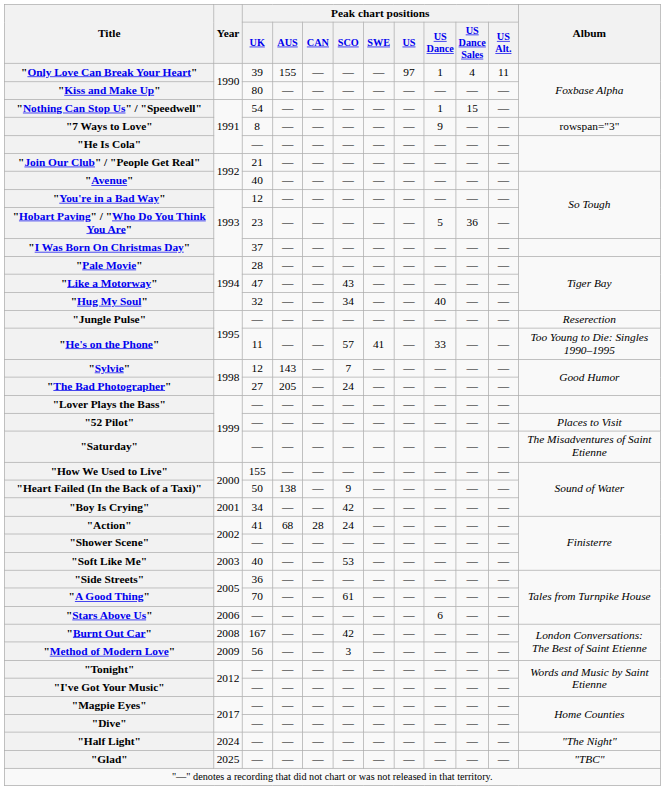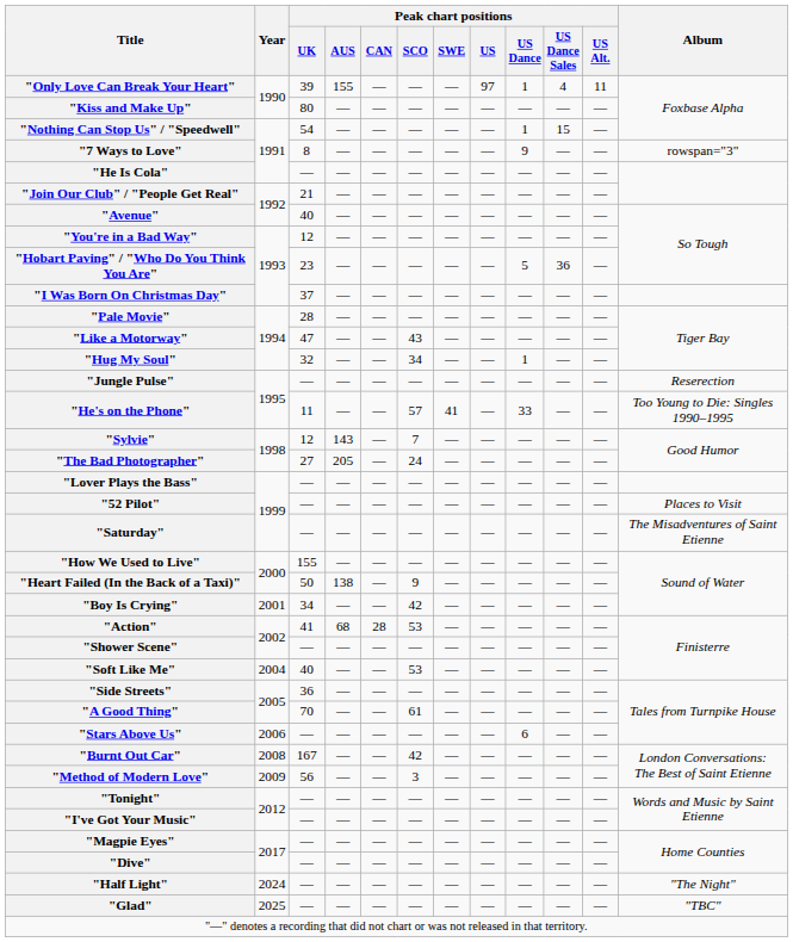 <table class="wikitable plainrowheaders" style="text-align:center">
 <tr>
 <th scope="col" rowspan="2" style="width:18em;">Title</th>
 <th scope="col" rowspan="2" style="width:1em;">Year</th>
 <th scope="col" colspan="9">Peak chart positions</th>
 <th scope="col" rowspan="2" style="width:12em;">Album</th>
 </tr>
 <tr>
 <th scope="col" style="width:2.5em;font-size:90%;"><a href='#'>UK</a><br></th>
 <th scope="col" style="width:2.5em;font-size:90%;"><a href='#'>AUS</a><br></th>
 <th scope="col" style="width:2.5em;font-size:90%;"><a href='#'>CAN</a><br></th>
 <th scope="col" style="width:2.5em;font-size:90%;"><a href='#'>SCO</a><br></th>
 <th scope="col" style="width:2.5em;font-size:90%;"><a href='#'>SWE</a><br></th>
 <th scope="col" style="width:2.5em;font-size:90%;"><a href='#'>US</a><br></th>
 <th scope="col" style="width:2.5em;font-size:90%;"><a href='#'>US<br>Dance</a><br></th>
 <th scope="col" style="width:2.5em;font-size:90%;"><a href='#'>US<br>Dance<br>Sales</a><br></th>
 <th scope="col" style="width:2.5em;font-size:90%;"><a href='#'>US<br>Alt.</a><br></th>
 </tr>
 <tr>
 <th scope="row">"<a href='#'>Only Love Can Break Your Heart</a>"</th>
 <td rowspan="2">1990</td>
 <td>39</td>
 <td>155</td>
 <td>—</td>
 <td>—</td>
 <td>—</td>
 <td>97</td>
 <td>1</td>
 <td>4</td>
 <td>11</td>
 <td rowspan="3"><em>Foxbase Alpha</em></td>
 </tr>
 <tr>
 <th scope="row">"<a href='#'>Kiss and Make Up</a>"</th>
 <td>80</td>
 <td>—</td>
 <td>—</td>
 <td>—</td>
 <td>—</td>
 <td>—</td>
 <td>—</td>
 <td>—</td>
 <td>—</td>
 </tr>
 <tr>
 <th scope="row">"<a href='#'>Nothing Can Stop Us</a>" / "Speedwell"</th>
 <td rowspan="3">1991</td>
 <td>54</td>
 <td>—</td>
 <td>—</td>
 <td>—</td>
 <td>—</td>
 <td>—</td>
 <td>1</td>
 <td>15</td>
 <td>—</td>
 </tr>
 <tr>
 <th scope="row">"7 Ways to Love"<br></th>
 <td>8</td>
 <td>—</td>
 <td>—</td>
 <td>—</td>
 <td>—</td>
 <td>—</td>
 <td>9</td>
 <td>—</td>
 <td>—</td>
 <td>rowspan="3" </td>
 </tr>
 <tr>
 <th scope="row">"He Is Cola"<br></th>
 <td>—</td>
 <td>—</td>
 <td>—</td>
 <td>—</td>
 <td>—</td>
 <td>—</td>
 <td>—</td>
 <td>—</td>
 <td>—</td>
 </tr>
 <tr>
 <th scope="row">"<a href='#'>Join Our Club</a>" / "People Get Real"</th>
 <td rowspan="2">1992</td>
 <td>21</td>
 <td>—</td>
 <td>—</td>
 <td>—</td>
 <td>—</td>
 <td>—</td>
 <td>—</td>
 <td>—</td>
 <td>—</td>
 </tr>
 <tr>
 <th scope="row">"<a href='#'>Avenue</a>"</th>
 <td>40</td>
 <td>—</td>
 <td>—</td>
 <td>—</td>
 <td>—</td>
 <td>—</td>
 <td>—</td>
 <td>—</td>
 <td>—</td>
 <td rowspan="3"><em>So Tough</em></td>
 </tr>
 <tr>
 <th scope="row">"<a href='#'>You're in a Bad Way</a>"</th>
 <td rowspan="3">1993</td>
 <td>12</td>
 <td>—</td>
 <td>—</td>
 <td>—</td>
 <td>—</td>
 <td>—</td>
 <td>—</td>
 <td>—</td>
 <td>—</td>
 </tr>
 <tr>
 <th scope="row">"<a href='#'>Hobart Paving</a>" / "<a href='#'>Who Do You Think You Are</a>"</th>
 <td>23</td>
 <td>—</td>
 <td>—</td>
 <td>—</td>
 <td>—</td>
 <td>—</td>
 <td>5</td>
 <td>36</td>
 <td>—</td>
 </tr>
 <tr>
 <th scope="row">"<a href='#'>I Was Born On Christmas Day</a>"</th>
 <td>37</td>
 <td>—</td>
 <td>—</td>
 <td>—</td>
 <td>—</td>
 <td>—</td>
 <td>—</td>
 <td>—</td>
 <td>—</td>
 <td></td>
 </tr>
 <tr>
 <th scope="row">"<a href='#'>Pale Movie</a>"</th>
 <td rowspan="3">1994</td>
 <td>28</td>
 <td>—</td>
 <td>—</td>
 <td>—</td>
 <td>—</td>
 <td>—</td>
 <td>—</td>
 <td>—</td>
 <td>—</td>
 <td rowspan="3"><em>Tiger Bay</em></td>
 </tr>
 <tr>
 <th scope="row">"<a href='#'>Like a Motorway</a>"</th>
 <td>47</td>
 <td>—</td>
 <td>—</td>
 <td>43</td>
 <td>—</td>
 <td>—</td>
 <td>—</td>
 <td>—</td>
 <td>—</td>
 </tr>
 <tr>
 <th scope="row">"<a href='#'>Hug My Soul</a>"</th>
 <td>32</td>
 <td>—</td>
 <td>—</td>
 <td>34</td>
 <td>—</td>
 <td>—</td>
-<td>40</td>
+<td>1</td>
 <td>—</td>
 <td>—</td>
 </tr>
 <tr>
 <th scope="row">"Jungle Pulse"<br></th>
 <td rowspan="2">1995</td>
 <td>—</td>
 <td>—</td>
 <td>—</td>
 <td>—</td>
 <td>—</td>
 <td>—</td>
 <td>—</td>
 <td>—</td>
 <td>—</td>
 <td><em>Reserection</em></td>
 </tr>
 <tr>
 <th scope="row">"<a href='#'>He's on the Phone</a>"<br></th>
 <td>11</td>
 <td>—</td>
 <td>—</td>
 <td>57</td>
 <td>41</td>
 <td>—</td>
 <td>33</td>
 <td>—</td>
 <td>—</td>
 <td><em>Too Young to Die: Singles 1990–1995</em></td>
 </tr>
 <tr>
 <th scope="row">"<a href='#'>Sylvie</a>"</th>
 <td rowspan="2">1998</td>
 <td>12</td>
 <td>143</td>
 <td>—</td>
 <td>7</td>
 <td>—</td>
 <td>—</td>
 <td>—</td>
 <td>—</td>
 <td>—</td>
 <td rowspan="2"><em>Good Humor</em></td>
 </tr>
 <tr>
 <th scope="row">"<a href='#'>The Bad Photographer</a>"</th>
 <td>27</td>
 <td>205</td>
 <td>—</td>
 <td>24</td>
 <td>—</td>
 <td>—</td>
 <td>—</td>
 <td>—</td>
 <td>—</td>
 </tr>
 <tr>
 <th scope="row">"Lover Plays the Bass"</th>
 <td rowspan="3">1999</td>
 <td>—</td>
 <td>—</td>
 <td>—</td>
 <td>—</td>
 <td>—</td>
 <td>—</td>
 <td>—</td>
 <td>—</td>
 <td>—</td>
 <td></td>
 </tr>
 <tr>
 <th scope="row">"52 Pilot"</th>
 <td>—</td>
 <td>—</td>
 <td>—</td>
 <td>—</td>
 <td>—</td>
 <td>—</td>
 <td>—</td>
 <td>—</td>
 <td>—</td>
 <td><em>Places to Visit</em></td>
 </tr>
 <tr>
 <th scope="row">"Saturday"</th>
 <td>—</td>
 <td>—</td>
 <td>—</td>
 <td>—</td>
 <td>—</td>
 <td>—</td>
 <td>—</td>
 <td>—</td>
 <td>—</td>
 <td><em>The Misadventures of Saint Etienne</em></td>
 </tr>
 <tr>
 <th scope="row">"How We Used to Live"</th>
 <td rowspan="2">2000</td>
 <td>155</td>
 <td>—</td>
 <td>—</td>
 <td>—</td>
 <td>—</td>
 <td>—</td>
 <td>—</td>
 <td>—</td>
 <td>—</td>
 <td rowspan="3"><em>Sound of Water</em></td>
 </tr>
 <tr>
 <th scope="row">"Heart Failed (In the Back of a Taxi)"</th>
 <td>50</td>
 <td>138</td>
 <td>—</td>
 <td>9</td>
 <td>—</td>
 <td>—</td>
 <td>—</td>
 <td>—</td>
 <td>—</td>
 </tr>
 <tr>
 <th scope="row">"Boy Is Crying"</th>
 <td>2001</td>
 <td>34</td>
 <td>—</td>
 <td>—</td>
 <td>42</td>
 <td>—</td>
 <td>—</td>
 <td>—</td>
 <td>—</td>
 <td>—</td>
 </tr>
 <tr>
 <th scope="row">"Action"</th>
 <td rowspan="2">2002</td>
 <td>41</td>
 <td>68</td>
 <td>28</td>
-<td>24</td>
+<td>53</td>
 <td>—</td>
 <td>—</td>
 <td>—</td>
 <td>—</td>
 <td>—</td>
 <td rowspan="3"><em>Finisterre</em></td>
 </tr>
 <tr>
 <th scope="row">"Shower Scene"</th>
 <td>—</td>
 <td>—</td>
 <td>—</td>
 <td>—</td>
 <td>—</td>
 <td>—</td>
 <td>—</td>
 <td>—</td>
 <td>—</td>
 </tr>
 <tr>
 <th scope="row">"Soft Like Me"</th>
-<td>2003</td>
+<td>2004</td>
 <td>40</td>
 <td>—</td>
 <td>—</td>
 <td>53</td>
 <td>—</td>
 <td>—</td>
 <td>—</td>
 <td>—</td>
 <td>—</td>
 </tr>
 <tr>
 <th scope="row">"Side Streets"</th>
 <td rowspan="2">2005</td>
 <td>36</td>
 <td>—</td>
 <td>—</td>
 <td>—</td>
 <td>—</td>
 <td>—</td>
 <td>—</td>
 <td>—</td>
 <td>—</td>
 <td rowspan="3"><em>Tales from Turnpike House</em></td>
 </tr>
 <tr>
 <th scope="row">"<a href='#'>A Good Thing</a>"</th>
 <td>70</td>
 <td>—</td>
 <td>—</td>
 <td>61</td>
 <td>—</td>
 <td>—</td>
 <td>—</td>
 <td>—</td>
 <td>—</td>
 </tr>
 <tr>
 <th scope="row">"<a href='#'>Stars Above Us</a>"</th>
 <td>2006</td>
 <td>—</td>
 <td>—</td>
 <td>—</td>
 <td>—</td>
 <td>—</td>
 <td>—</td>
 <td>6</td>
 <td>—</td>
 <td>—</td>
 </tr>
 <tr>
 <th scope="row">"<a href='#'>Burnt Out Car</a>"</th>
 <td>2008</td>
 <td>167</td>
 <td>—</td>
 <td>—</td>
 <td>42</td>
 <td>—</td>
 <td>—</td>
 <td>—</td>
 <td>—</td>
 <td>—</td>
 <td rowspan="2"><em>London Conversations:<br>The Best of Saint Etienne</em></td>
 </tr>
 <tr>
 <th scope="row">"<a href='#'>Method of Modern Love</a>"</th>
 <td>2009</td>
 <td>56</td>
 <td>—</td>
 <td>—</td>
 <td>3</td>
 <td>—</td>
 <td>—</td>
 <td>—</td>
 <td>—</td>
 <td>—</td>
 </tr>
 <tr>
 <th scope="row">"Tonight"</th>
 <td rowspan="2">2012</td>
 <td>—</td>
 <td>—</td>
 <td>—</td>
 <td>—</td>
 <td>—</td>
 <td>—</td>
 <td>—</td>
 <td>—</td>
 <td>—</td>
 <td rowspan="2"><em>Words and Music by Saint Etienne</em></td>
 </tr>
 <tr>
 <th scope="row">"I've Got Your Music"</th>
 <td>—</td>
 <td>—</td>
 <td>—</td>
 <td>—</td>
 <td>—</td>
 <td>—</td>
 <td>—</td>
 <td>—</td>
 <td>—</td>
 </tr>
 <tr>
 <th scope="row">"Magpie Eyes"</th>
 <td rowspan="2">2017</td>
 <td>—</td>
 <td>—</td>
 <td>—</td>
 <td>—</td>
 <td>—</td>
 <td>—</td>
 <td>—</td>
 <td>—</td>
 <td>—</td>
 <td rowspan="2"><em>Home Counties</em></td>
 </tr>
 <tr>
 <th scope="row">"Dive"</th>
 <td>—</td>
 <td>—</td>
 <td>—</td>
 <td>—</td>
 <td>—</td>
 <td>—</td>
 <td>—</td>
 <td>—</td>
 <td>—</td>
 </tr>
 <tr>
 <th scope="row">"Half Light"</th>
 <td>2024</td>
 <td>—</td>
 <td>—</td>
 <td>—</td>
 <td>—</td>
 <td>—</td>
 <td>—</td>
 <td>—</td>
 <td>—</td>
 <td>—</td>
 <td><em>"The Night"</em></td>
 </tr>
 <tr>
 <th scope="row">"Glad"</th>
 <td>2025</td>
 <td>—</td>
 <td>—</td>
 <td>—</td>
 <td>—</td>
 <td>—</td>
 <td>—</td>
 <td>—</td>
 <td>—</td>
 <td>—</td>
 <td><em>"TBC"</em></td>
 </tr>
 <tr>
 <td colspan="12" style="font-size:90%">"—" denotes a recording that did not chart or was not released in that territory.</td>
 </tr>
 </table>
